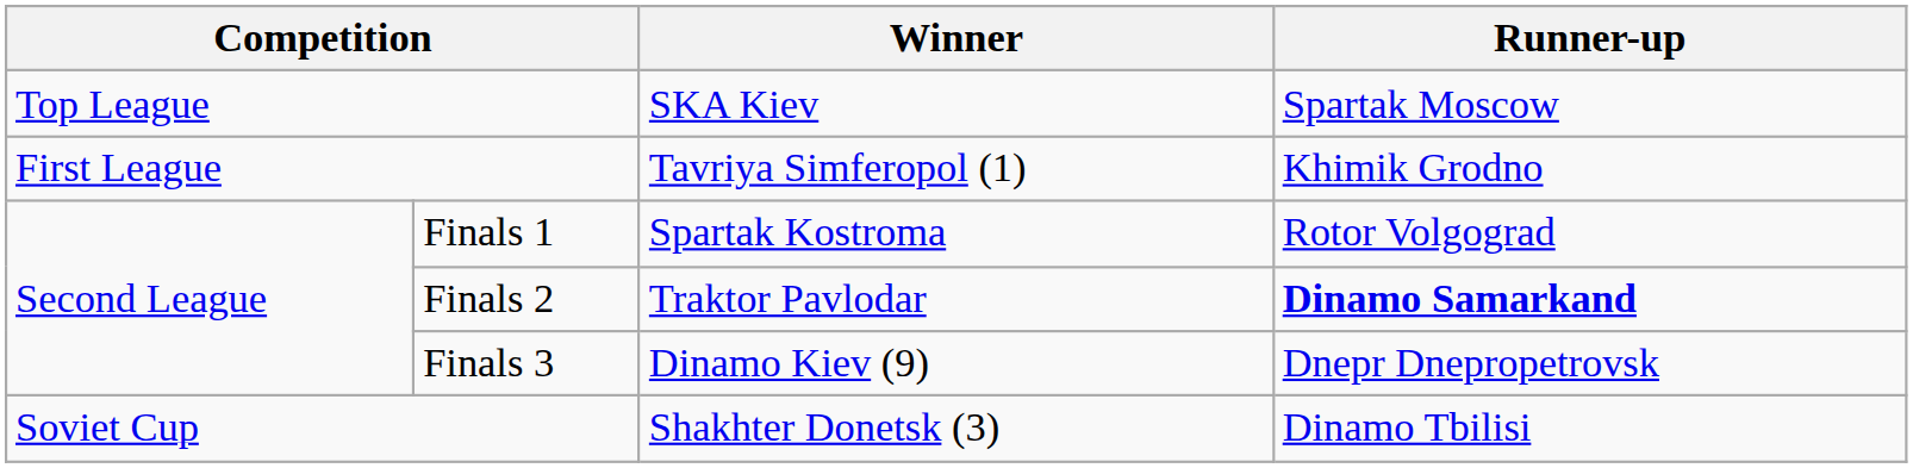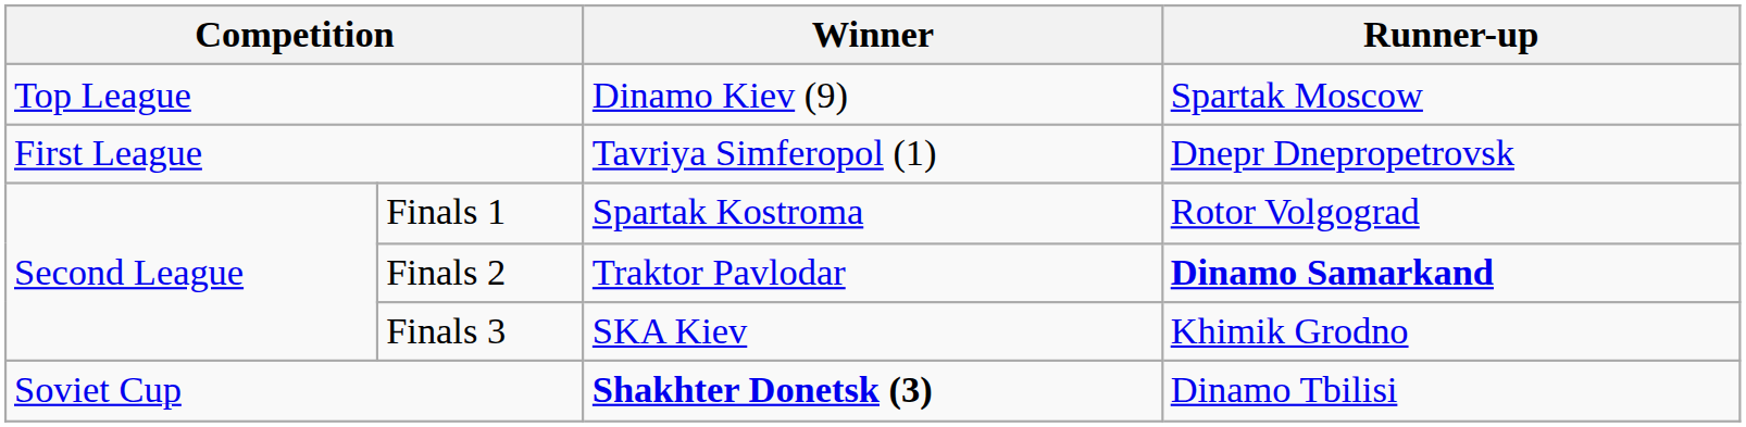 <table class="wikitable">
 <tr>
 <th style="width:15em" colspan=2>Competition</th>
 <th style="width:15em">Winner</th>
 <th style="width:15em">Runner-up</th>
 </tr>
 <tr>
 <td colspan=2><a href='#'>Top League</a></td>
-<td><a href='#'>SKA Kiev</a></td>
+<td><a href='#'>Dinamo Kiev</a> (9)</td>
 <td><a href='#'>Spartak Moscow</a></td>
 </tr>
 <tr>
 <td colspan=2><a href='#'>First League</a></td>
 <td><a href='#'>Tavriya Simferopol</a> (1)</td>
-<td><a href='#'>Khimik Grodno</a></td>
+<td><a href='#'>Dnepr Dnepropetrovsk</a></td>
 </tr>
 <tr>
 <td rowspan=3><a href='#'>Second League</a></td>
 <td>Finals 1</td>
 <td><a href='#'>Spartak Kostroma</a></td>
 <td><a href='#'>Rotor Volgograd</a></td>
 </tr>
 <tr>
 <td>Finals 2</td>
 <td><a href='#'>Traktor Pavlodar</a></td>
 <td><strong><a href='#'>Dinamo Samarkand</a></strong></td>
 </tr>
 <tr>
 <td>Finals 3</td>
-<td><a href='#'>Dinamo Kiev</a> (9)</td>
-<td><a href='#'>Dnepr Dnepropetrovsk</a></td>
+<td><a href='#'>SKA Kiev</a></td>
+<td><a href='#'>Khimik Grodno</a></td>
 </tr>
 <tr>
 <td colspan=2><a href='#'>Soviet Cup</a></td>
-<td><a href='#'>Shakhter Donetsk</a> (3)</td>
+<td><strong><a href='#'>Shakhter Donetsk</a> (3)</strong></td>
 <td><a href='#'>Dinamo Tbilisi</a></td>
 </tr>
 </table>
